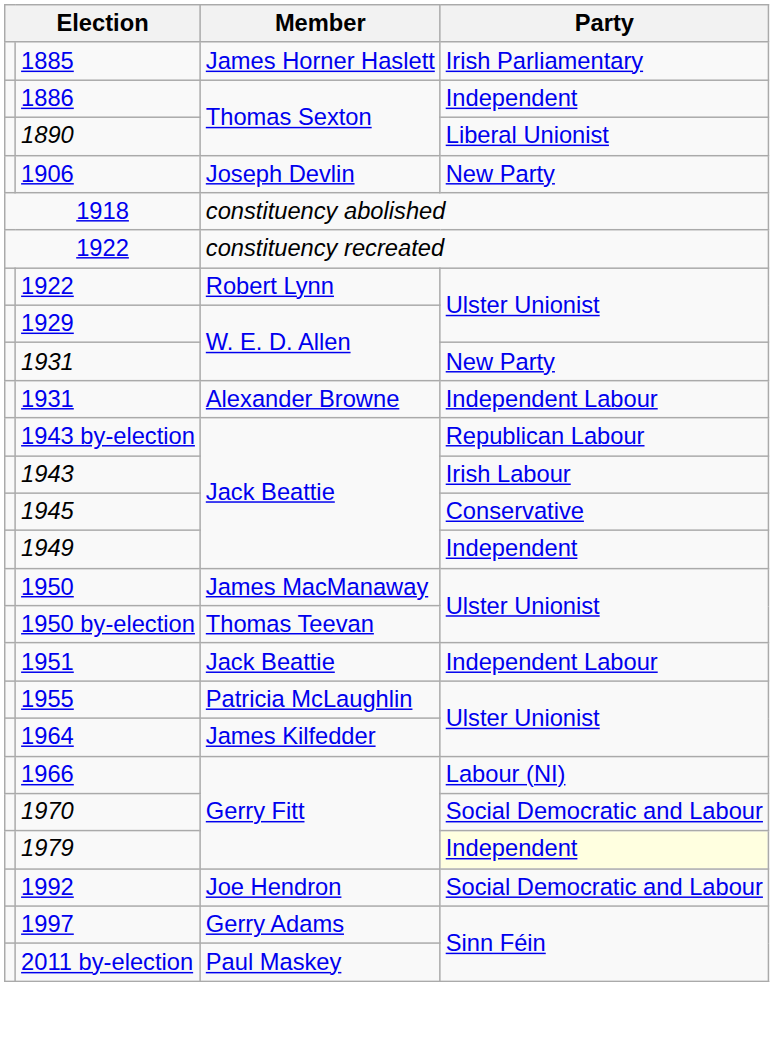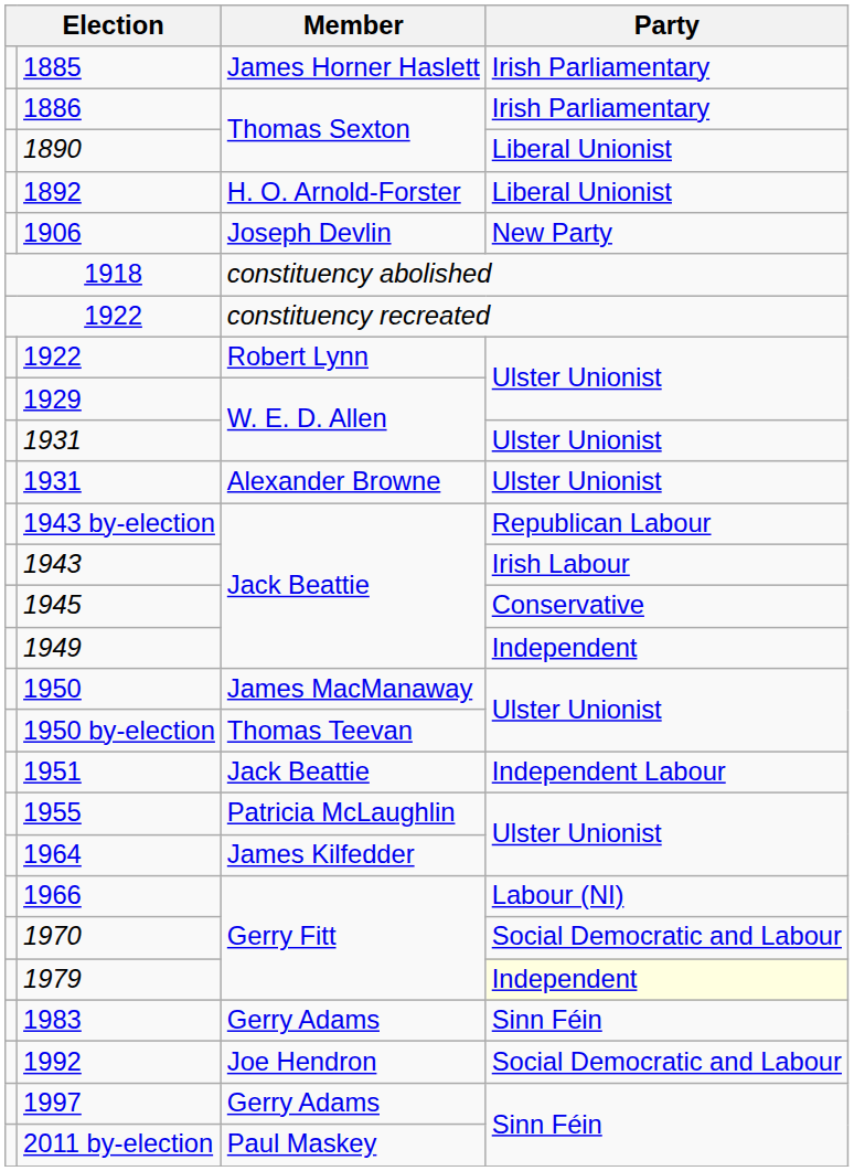 <table class="wikitable">
 <tr>
 <th colspan="2">Election</th>
 <th>Member</th>
 <th>Party</th>
 </tr>
 <tr>
 <td style="color:inherit;background-color: "></td>
 <td><a href='#'>1885</a></td>
 <td><a href='#'>James Horner Haslett</a></td>
 <td><a href='#'>Irish Parliamentary</a></td>
 </tr>
 <tr>
 <td style="color:inherit;background-color: "></td>
 <td><a href='#'>1886</a></td>
 <td rowspan="2"><a href='#'>Thomas Sexton</a></td>
-<td><a href='#'>Independent</a></td>
+<td><a href='#'>Irish Parliamentary</a></td>
 </tr>
 <tr>
 <td style="color:inherit;background-color: "></td>
 <td><em>1890</em></td>
+<td><a href='#'>Liberal Unionist</a></td>
+</tr>
+<tr>
+<td style="color:inherit;background-color: "></td>
+<td><a href='#'>1892</a></td>
+<td><a href='#'>H. O. Arnold-Forster</a></td>
 <td><a href='#'>Liberal Unionist</a></td>
 </tr>
 <tr>
 <td style="color:inherit;background-color: "></td>
 <td><a href='#'>1906</a></td>
 <td><a href='#'>Joseph Devlin</a></td>
 <td><a href='#'>New Party</a></td>
 </tr>
 <tr>
 <td colspan="2" align="center"><a href='#'>1918</a></td>
 <td colspan="2"><em>constituency abolished</em></td>
 </tr>
 <tr>
 <td colspan="2" align="center"><a href='#'>1922</a></td>
 <td colspan="2"><em>constituency recreated</em></td>
 </tr>
 <tr>
 <td style="color:inherit;background-color: "></td>
 <td><a href='#'>1922</a></td>
 <td><a href='#'>Robert Lynn</a></td>
 <td rowspan="2"><a href='#'>Ulster Unionist</a></td>
 </tr>
 <tr>
 <td style="color:inherit;background-color: "></td>
 <td><a href='#'>1929</a></td>
 <td rowspan="2"><a href='#'>W. E. D. Allen</a></td>
 </tr>
 <tr>
 <td style="color:inherit;background-color: "></td>
 <td><em>1931</em></td>
-<td><a href='#'>New Party</a></td>
+<td><a href='#'>Ulster Unionist</a></td>
 </tr>
 <tr>
 <td style="color:inherit;background-color: "></td>
 <td><a href='#'>1931</a></td>
 <td><a href='#'>Alexander Browne</a></td>
-<td><a href='#'>Independent Labour</a></td>
+<td><a href='#'>Ulster Unionist</a></td>
 </tr>
 <tr>
 <td style="color:inherit;background-color: "></td>
 <td><a href='#'>1943 by-election</a></td>
 <td rowspan="4"><a href='#'>Jack Beattie</a></td>
 <td><a href='#'>Republican Labour</a></td>
 </tr>
 <tr>
 <td style="color:inherit;background-color: "></td>
 <td><em>1943</em></td>
 <td><a href='#'>Irish Labour</a></td>
 </tr>
 <tr>
 <td style="color:inherit;background-color: "></td>
 <td><em>1945</em></td>
 <td><a href='#'>Conservative</a></td>
 </tr>
 <tr>
 <td style="color:inherit;background-color: "></td>
 <td><em>1949</em></td>
 <td><a href='#'>Independent</a></td>
 </tr>
 <tr>
 <td style="color:inherit;background-color: "></td>
 <td><a href='#'>1950</a></td>
 <td><a href='#'>James MacManaway</a></td>
 <td rowspan="2"><a href='#'>Ulster Unionist</a></td>
 </tr>
 <tr>
 <td style="color:inherit;background-color: "></td>
 <td><a href='#'>1950 by-election</a></td>
 <td><a href='#'>Thomas Teevan</a></td>
 </tr>
 <tr>
 <td style="color:inherit;background-color: "></td>
 <td><a href='#'>1951</a></td>
 <td><a href='#'>Jack Beattie</a></td>
 <td><a href='#'>Independent Labour</a></td>
 </tr>
 <tr>
 <td style="color:inherit;background-color: "></td>
 <td><a href='#'>1955</a></td>
 <td><a href='#'>Patricia McLaughlin</a></td>
 <td rowspan="2"><a href='#'>Ulster Unionist</a></td>
 </tr>
 <tr>
 <td style="color:inherit;background-color: "></td>
 <td><a href='#'>1964</a></td>
 <td><a href='#'>James Kilfedder</a></td>
 </tr>
 <tr>
 <td style="color:inherit;background-color: "></td>
 <td><a href='#'>1966</a></td>
 <td rowspan="3"><a href='#'>Gerry Fitt</a></td>
 <td><a href='#'>Labour (NI)</a></td>
 </tr>
 <tr>
 <td style="color:inherit;background-color: "></td>
 <td><em>1970</em></td>
 <td><a href='#'>Social Democratic and Labour</a></td>
 </tr>
 <tr>
 <td style="color:inherit;background-color: "></td>
 <td><em>1979</em></td>
 <td style="background: lightyellow;"><a href='#'>Independent</a></td>
 </tr>
 <tr>
 <td style="color:inherit;background-color: "></td>
+<td><a href='#'>1983</a></td>
+<td><a href='#'>Gerry Adams</a></td>
+<td><a href='#'>Sinn Féin</a></td>
+</tr>
+<tr>
+<td style="color:inherit;background-color: "></td>
 <td><a href='#'>1992</a></td>
 <td><a href='#'>Joe Hendron</a></td>
 <td><a href='#'>Social Democratic and Labour</a></td>
 </tr>
 <tr>
 <td style="color:inherit;background-color: "></td>
 <td><a href='#'>1997</a></td>
 <td><a href='#'>Gerry Adams</a></td>
 <td rowspan="2"><a href='#'>Sinn Féin</a></td>
 </tr>
 <tr>
 <td style="color:inherit;background-color: "></td>
 <td><a href='#'>2011 by-election</a></td>
 <td><a href='#'>Paul Maskey</a></td>
 </tr>
 <tr>
 </tr>
 </table>
